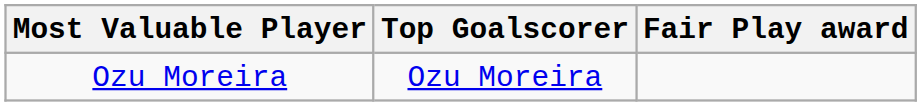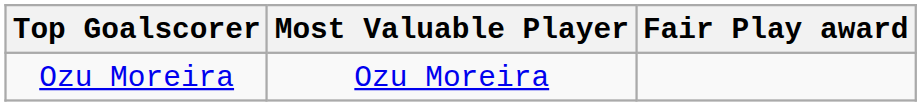 <table class="wikitable" style="text-align: center; margin: 0 auto;">
 <tr>
+<th>Top Goalscorer</th>
 <th>Most Valuable Player</th>
-<th>Top Goalscorer</th>
 <th>Fair Play award</th>
 </tr>
 <tr>
 <td> <a href='#'>Ozu Moreira</a></td>
 <td> <a href='#'>Ozu Moreira</a></td>
 <td></td>
 </tr>
 </table>
